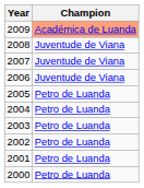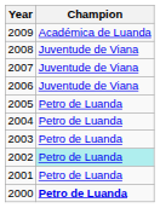 <table class="wikitable sortable" style="font-size:90%">
 <tr>
 <th>Year</th>
 <th>Champion</th>
 </tr>
 <tr>
 <td>2009</td>
-<td style="background: lightsalmon;"><a href='#'>Académica de Luanda</a></td>
+<td><a href='#'>Académica de Luanda</a></td>
 </tr>
 <tr>
 <td>2008</td>
 <td><a href='#'>Juventude de Viana</a></td>
 </tr>
 <tr>
 <td>2007</td>
 <td><a href='#'>Juventude de Viana</a></td>
 </tr>
 <tr>
 <td>2006</td>
 <td><a href='#'>Juventude de Viana</a></td>
 </tr>
 <tr>
 <td>2005</td>
 <td><a href='#'>Petro de Luanda</a></td>
 </tr>
 <tr>
 <td>2004</td>
 <td><a href='#'>Petro de Luanda</a></td>
 </tr>
 <tr>
 <td>2003</td>
 <td><a href='#'>Petro de Luanda</a></td>
 </tr>
 <tr>
 <td>2002</td>
-<td><a href='#'>Petro de Luanda</a></td>
+<td style="background: paleturquoise;"><a href='#'>Petro de Luanda</a></td>
 </tr>
 <tr>
 <td>2001</td>
 <td><a href='#'>Petro de Luanda</a></td>
 </tr>
 <tr>
 <td>2000</td>
-<td><a href='#'>Petro de Luanda</a></td>
+<td><strong><a href='#'>Petro de Luanda</a></strong></td>
 </tr>
 </table>
